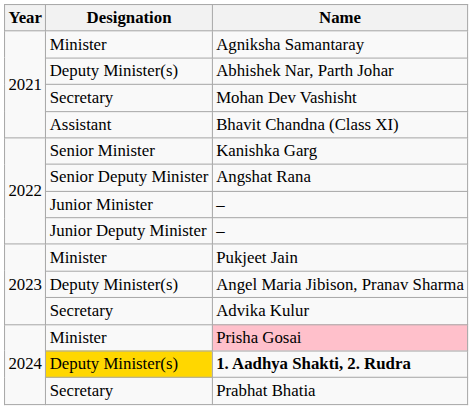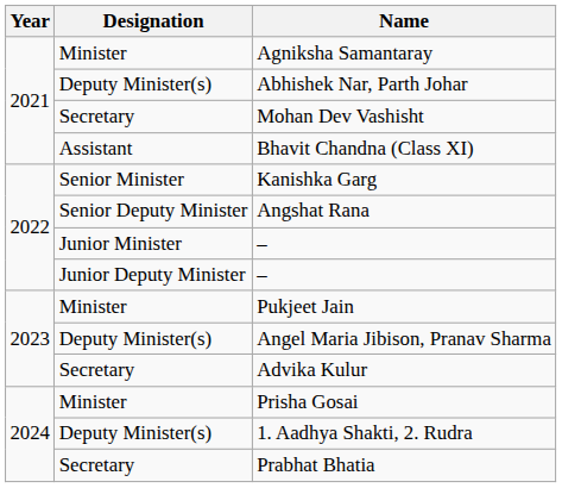 <table class="wikitable">
 <tr>
 <th>Year</th>
 <th>Designation</th>
 <th>Name</th>
 </tr>
 <tr>
 <td rowspan="4">2021</td>
 <td>Minister</td>
 <td>Agniksha Samantaray</td>
 </tr>
 <tr>
 <td>Deputy Minister(s)</td>
 <td>Abhishek Nar, Parth Johar</td>
 </tr>
 <tr>
 <td>Secretary</td>
 <td>Mohan Dev Vashisht</td>
 </tr>
 <tr>
 <td>Assistant</td>
 <td>Bhavit Chandna (Class XI)</td>
 </tr>
 <tr>
 <td rowspan="4">2022</td>
 <td>Senior Minister</td>
 <td>Kanishka Garg</td>
 </tr>
 <tr>
 <td>Senior Deputy Minister</td>
 <td>Angshat Rana</td>
 </tr>
 <tr>
 <td>Junior Minister</td>
 <td>–</td>
 </tr>
 <tr>
 <td>Junior Deputy Minister</td>
 <td>–</td>
 </tr>
 <tr>
 <td rowspan="3">2023</td>
 <td>Minister</td>
 <td>Pukjeet Jain</td>
 </tr>
 <tr>
 <td>Deputy Minister(s)</td>
 <td>Angel Maria Jibison, Pranav Sharma</td>
 </tr>
 <tr>
 <td>Secretary</td>
 <td>Advika Kulur</td>
 </tr>
 <tr>
 <td rowspan="3">2024</td>
 <td>Minister</td>
-<td style="background: pink;">Prisha Gosai</td>
+<td>Prisha Gosai</td>
 </tr>
 <tr>
-<td style="background: gold;">Deputy Minister(s)</td>
-<td><strong>1. Aadhya Shakti, 2. Rudra</strong></td>
+<td>Deputy Minister(s)</td>
+<td>1. Aadhya Shakti, 2. Rudra</td>
 </tr>
 <tr>
 <td>Secretary</td>
 <td>Prabhat Bhatia</td>
 </tr>
 </table>
